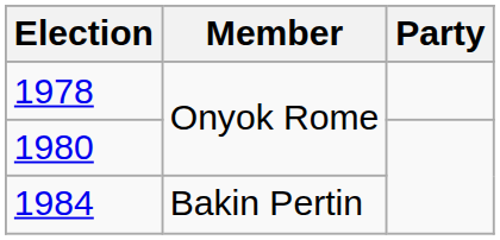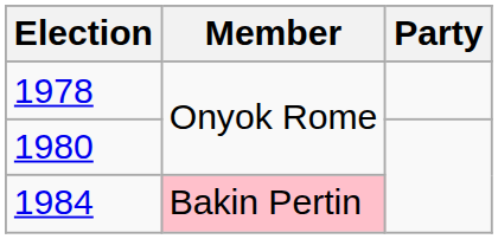 <table class="wikitable sortable">
 <tr>
 <th>Election</th>
 <th>Member</th>
 <th colspan=2>Party</th>
 </tr>
 <tr>
 <td><a href='#'>1978</a></td>
 <td rowspan=2>Onyok Rome</td>
 <td></td>
 </tr>
 <tr>
 <td><a href='#'>1980</a></td>
 </tr>
 <tr>
 <td><a href='#'>1984</a></td>
-<td>Bakin Pertin</td>
+<td style="background: pink;">Bakin Pertin</td>
 </tr>
 </table>
